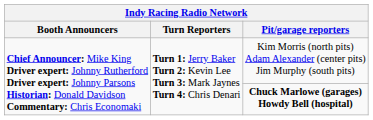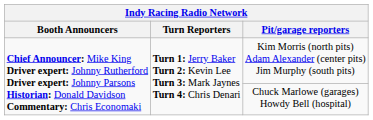 <table class="wikitable" style="font-size: 95%;">
 <tr>
 <th colspan=3><a href='#'>Indy Racing Radio Network</a></th>
 </tr>
 <tr>
 <th>Booth Announcers</th>
 <th>Turn Reporters</th>
 <th><a href='#'>Pit/garage reporters</a></th>
 </tr>
 <tr>
 <td valign="top" rowspan=2><br><strong><a href='#'>Chief Announcer</a>:</strong> <a href='#'>Mike King</a><br> <strong>Driver expert:</strong> <a href='#'>Johnny Rutherford</a><br> <strong>Driver expert:</strong> <a href='#'>Johnny Parsons</a><br> <strong><a href='#'>Historian</a>:</strong> <a href='#'>Donald Davidson</a><br> <strong>Commentary:</strong> <a href='#'>Chris Economaki</a><br></td>
 <td valign="top" rowspan=2><br><strong>Turn 1:</strong> <a href='#'>Jerry Baker</a><br>   <strong>Turn 2:</strong> Kevin Lee<br> <strong>Turn 3:</strong> Mark Jaynes<br> <strong>Turn 4:</strong> Chris Denari<br></td>
 <td align="center" valign="top">Kim Morris (north pits)<br><a href='#'>Adam Alexander</a> (center pits)<br>Jim Murphy (south pits)<br></td>
 </tr>
 <tr>
-<td align="center" valign="top"><strong>Chuck Marlowe (garages)<br>Howdy Bell (hospital)<br></strong></td>
+<td align="center" valign="top">Chuck Marlowe (garages)<br>Howdy Bell (hospital)<br></td>
 </tr>
 </table>
